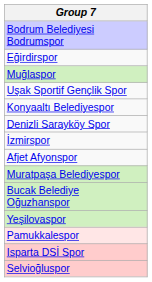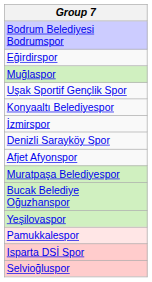 <table class="wikitable collapsible collapsed" style="font-size:95%;">
 <tr>
 <th colspan="1" width="200"><em>Group 7</em></th>
 </tr>
 <tr>
 <td style="background:#ccccff;"><a href='#'>Bodrum Belediyesi Bodrumspor</a></td>
 </tr>
 <tr>
 <td><a href='#'>Eğirdirspor</a></td>
 </tr>
 <tr>
 <td style="background:#D0F0C0;"><a href='#'>Muğlaspor</a></td>
 </tr>
 <tr>
 <td><a href='#'>Uşak Sportif Gençlik Spor</a></td>
 </tr>
 <tr>
 <td><a href='#'>Konyaaltı Belediyespor</a></td>
 </tr>
 <tr>
-<td><a href='#'>Denizli Sarayköy Spor</a></td>
+<td><a href='#'>İzmirspor</a></td>
 </tr>
 <tr>
-<td><a href='#'>İzmirspor</a></td>
+<td><a href='#'>Denizli Sarayköy Spor</a></td>
 </tr>
 <tr>
 <td><a href='#'>Afjet Afyonspor</a></td>
 </tr>
 <tr>
 <td style="background:#D0F0C0;"><a href='#'>Muratpaşa Belediyespor</a></td>
 </tr>
 <tr>
 <td style="background:#D0F0C0;"><a href='#'>Bucak Belediye Oğuzhanspor</a></td>
 </tr>
 <tr>
 <td style="background:#D0F0C0;"><a href='#'>Yeşilovaspor</a></td>
 </tr>
 <tr>
 <td style="background:#FFE6E6;"><a href='#'>Pamukkalespor</a></td>
 </tr>
 <tr>
 <td style="background:#fcc;"><a href='#'>Isparta DSİ Spor</a></td>
 </tr>
 <tr>
 <td style="background:#fcc;"><a href='#'>Selvioğluspor</a></td>
 </tr>
 </table>
